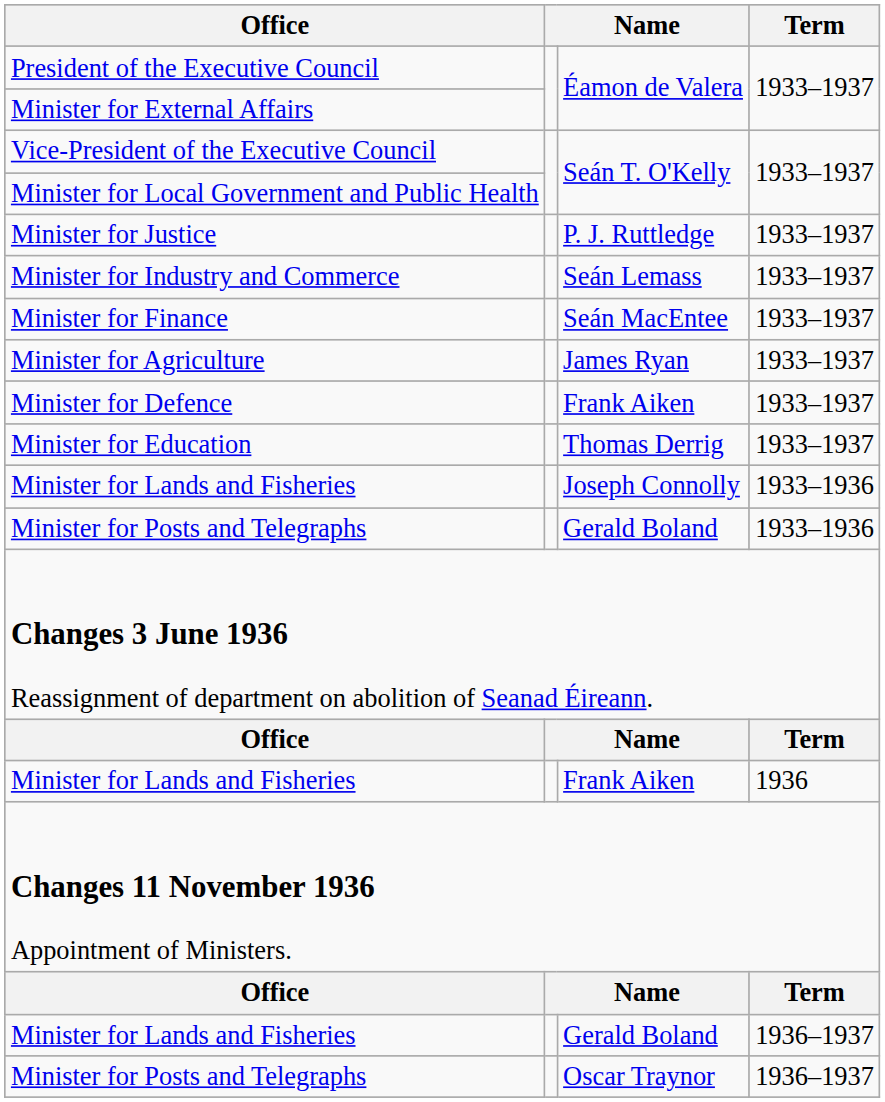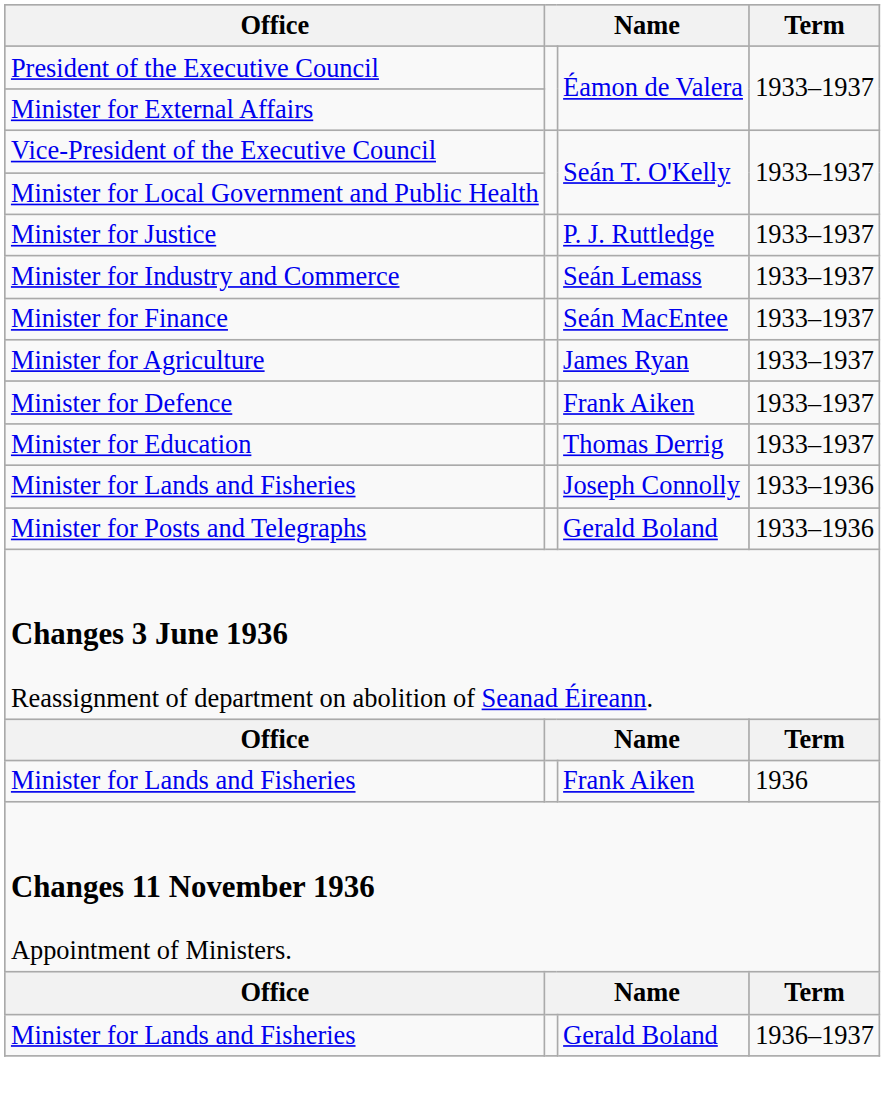 <table class="wikitable">
 <tr>
 <th>Office</th>
 <th colspan="2">Name</th>
 <th>Term</th>
 </tr>
 <tr>
 <td><a href='#'>President of the Executive Council</a></td>
 <td rowspan=2 style="background-color: "></td>
 <td rowspan=2><a href='#'>Éamon de Valera</a></td>
 <td rowspan=2>1933–1937</td>
 </tr>
 <tr>
 <td><a href='#'>Minister for External Affairs</a></td>
 </tr>
 <tr>
 <td><a href='#'>Vice-President of the Executive Council</a></td>
 <td rowspan=2 style="background-color: "></td>
 <td rowspan=2><a href='#'>Seán T. O'Kelly</a></td>
 <td rowspan=2>1933–1937</td>
 </tr>
 <tr>
 <td><a href='#'>Minister for Local Government and Public Health</a></td>
 </tr>
 <tr>
 <td><a href='#'>Minister for Justice</a></td>
 <td style="background-color: "></td>
 <td><a href='#'>P. J. Ruttledge</a></td>
 <td>1933–1937</td>
 </tr>
 <tr>
 <td><a href='#'>Minister for Industry and Commerce</a></td>
 <td style="background-color: "></td>
 <td><a href='#'>Seán Lemass</a></td>
 <td>1933–1937</td>
 </tr>
 <tr>
 <td><a href='#'>Minister for Finance</a></td>
 <td style="background-color: "></td>
 <td><a href='#'>Seán MacEntee</a></td>
 <td>1933–1937</td>
 </tr>
 <tr>
 <td><a href='#'>Minister for Agriculture</a></td>
 <td style="background-color: "></td>
 <td><a href='#'>James Ryan</a></td>
 <td>1933–1937</td>
 </tr>
 <tr>
 <td><a href='#'>Minister for Defence</a></td>
 <td style="background-color: "></td>
 <td><a href='#'>Frank Aiken</a></td>
 <td>1933–1937</td>
 </tr>
 <tr>
 <td><a href='#'>Minister for Education</a></td>
 <td style="background-color: "></td>
 <td><a href='#'>Thomas Derrig</a></td>
 <td>1933–1937</td>
 </tr>
 <tr>
 <td><a href='#'>Minister for Lands and Fisheries</a></td>
 <td style="background-color: "></td>
 <td><a href='#'>Joseph Connolly</a></td>
 <td>1933–1936</td>
 </tr>
 <tr>
 <td><a href='#'>Minister for Posts and Telegraphs</a></td>
 <td style="background-color: "></td>
 <td><a href='#'>Gerald Boland</a></td>
 <td>1933–1936</td>
 </tr>
 <tr>
 <td colspan="4"><br><h3>Changes 3 June 1936</h3>Reassignment of department on abolition of <a href='#'>Seanad Éireann</a>.</td>
 </tr>
 <tr>
 <th>Office</th>
 <th colspan="2">Name</th>
 <th>Term</th>
 </tr>
 <tr>
 <td><a href='#'>Minister for Lands and Fisheries</a></td>
 <td style="background-color: "></td>
 <td><a href='#'>Frank Aiken</a></td>
 <td>1936</td>
 </tr>
 <tr>
 <td colspan="4"><br><h3>Changes 11 November 1936</h3>Appointment of Ministers.</td>
 </tr>
 <tr>
 <th>Office</th>
 <th colspan="2">Name</th>
 <th>Term</th>
 </tr>
 <tr>
 <td><a href='#'>Minister for Lands and Fisheries</a></td>
 <td style="background-color: "></td>
 <td><a href='#'>Gerald Boland</a></td>
 <td>1936–1937</td>
 </tr>
-<tr>
-<td><a href='#'>Minister for Posts and Telegraphs</a></td>
-<td style="background-color: "></td>
-<td><a href='#'>Oscar Traynor</a></td>
-<td>1936–1937</td>
-</tr>
 </table>
